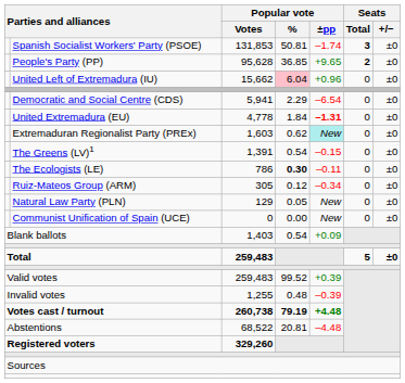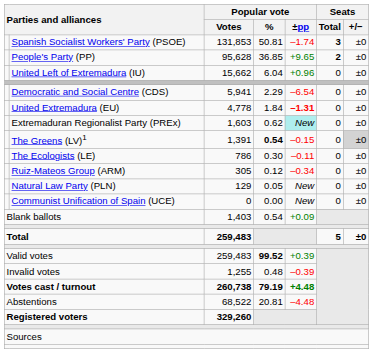 <table class="wikitable" style="text-align:right;">
 <tr>
 <th style="text-align:left;" rowspan="2" colspan="2" width="525">Parties and alliances</th>
 <th colspan="3">Popular vote</th>
 <th colspan="2">Seats</th>
 </tr>
 <tr>
 <th width="75">Votes</th>
 <th width="45">%</th>
 <th width="45">±<a href='#'>pp</a></th>
 <th width="35">Total</th>
 <th width="35">+/−</th>
 </tr>
 <tr>
 <td width="1" style="color:inherit;background:"></td>
 <td align="left"><a href='#'>Spanish Socialist Workers' Party</a> (PSOE)</td>
 <td>131,853</td>
 <td>50.81</td>
 <td style="color:red;">–1.74</td>
 <td><strong>3</strong></td>
 <td>±0</td>
 </tr>
 <tr>
 <td style="color:inherit;background:"></td>
 <td align="left"><a href='#'>People's Party</a> (PP)</td>
 <td>95,628</td>
 <td>36.85</td>
 <td style="color:green;">+9.65</td>
 <td><strong>2</strong></td>
 <td>±0</td>
 </tr>
 <tr>
 <td style="color:inherit;background:"></td>
 <td align="left"><a href='#'>United Left of Extremadura</a> (IU)</td>
 <td>15,662</td>
-<td style="background: pink;">6.04</td>
+<td>6.04</td>
 <td style="color:green;">+0.96</td>
 <td>0</td>
 <td>±0</td>
 </tr>
 <tr>
 <td colspan="7" bgcolor="#C0C0C0"></td>
 </tr>
 <tr>
 <td style="color:inherit;background:"></td>
 <td align="left"><a href='#'>Democratic and Social Centre</a> (CDS)</td>
 <td>5,941</td>
 <td>2.29</td>
 <td style="color:red;">–6.54</td>
 <td>0</td>
 <td>±0</td>
 </tr>
 <tr>
 <td style="color:inherit;background:"></td>
 <td align="left"><a href='#'>United Extremadura</a> (EU)</td>
 <td>4,778</td>
 <td>1.84</td>
 <td style="color:red;"><strong>–1.31</strong></td>
 <td>0</td>
 <td>±0</td>
 </tr>
 <tr>
 <td style="color:inherit;background:"></td>
 <td align="left">Extremaduran Regionalist Party (PREx)</td>
 <td>1,603</td>
 <td>0.62</td>
 <td style="background: paleturquoise;"><em>New</em></td>
 <td>0</td>
 <td>±0</td>
 </tr>
 <tr>
 <td style="color:inherit;background:"></td>
 <td align="left"><a href='#'>The Greens</a> (LV)<sup>1</sup></td>
 <td>1,391</td>
-<td>0.54</td>
+<td><strong>0.54</strong></td>
 <td style="color:red;">–0.15</td>
 <td>0</td>
-<td>±0</td>
+<td style="background: lightgrey;">±0</td>
 </tr>
 <tr>
 <td style="color:inherit;background:"></td>
 <td align="left"><a href='#'>The Ecologists</a> (LE)</td>
 <td>786</td>
-<td><strong>0.30</strong></td>
+<td>0.30</td>
 <td style="color:red;">–0.11</td>
 <td>0</td>
 <td>±0</td>
 </tr>
 <tr>
 <td style="color:inherit;background:"></td>
 <td align="left"><a href='#'>Ruiz-Mateos Group</a> (ARM)</td>
 <td>305</td>
 <td>0.12</td>
 <td style="color:red;">–0.34</td>
 <td>0</td>
 <td>±0</td>
 </tr>
 <tr>
 <td style="color:inherit;background:"></td>
 <td align="left"><a href='#'>Natural Law Party</a> (PLN)</td>
 <td>129</td>
 <td>0.05</td>
 <td><em>New</em></td>
 <td>0</td>
 <td>±0</td>
 </tr>
 <tr>
 <td style="color:inherit;background:"></td>
 <td align="left"><a href='#'>Communist Unification of Spain</a> (UCE)</td>
 <td>0</td>
 <td>0.00</td>
 <td><em>New</em></td>
 <td>0</td>
 <td>±0</td>
 </tr>
 <tr>
 <td align="left" colspan="2">Blank ballots</td>
 <td>1,403</td>
 <td>0.54</td>
 <td style="color:green;">+0.09</td>
 <td bgcolor="#E9E9E9" colspan="2"></td>
 </tr>
 <tr>
 <td colspan="7" bgcolor="#E9E9E9"></td>
 </tr>
 <tr style="font-weight:bold;">
 <td align="left" colspan="2">Total</td>
 <td>259,483</td>
 <td bgcolor="#E9E9E9" colspan="2"></td>
 <td>5</td>
 <td>±0</td>
 </tr>
 <tr>
 <td colspan="7" bgcolor="#E9E9E9"></td>
 </tr>
 <tr>
 <td align="left" colspan="2">Valid votes</td>
 <td>259,483</td>
-<td>99.52</td>
+<td><strong>99.52</strong></td>
 <td style="color:green;">+0.39</td>
 <td bgcolor="#E9E9E9" colspan="2" rowspan="5"></td>
 </tr>
 <tr>
 <td align="left" colspan="2">Invalid votes</td>
 <td>1,255</td>
 <td>0.48</td>
 <td style="color:red;">–0.39</td>
 </tr>
 <tr style="font-weight:bold;">
 <td align="left" colspan="2">Votes cast / turnout</td>
 <td>260,738</td>
 <td>79.19</td>
 <td style="color:green;">+4.48</td>
 </tr>
 <tr>
 <td align="left" colspan="2">Abstentions</td>
 <td>68,522</td>
 <td>20.81</td>
 <td style="color:red;">–4.48</td>
 </tr>
 <tr style="font-weight:bold;">
 <td align="left" colspan="2">Registered voters</td>
 <td>329,260</td>
 <td bgcolor="#E9E9E9" colspan="2"></td>
 </tr>
 <tr>
 <td colspan="7" bgcolor="#E9E9E9"></td>
 </tr>
 <tr>
 <td align="left" colspan="7">Sources</td>
 </tr>
 <tr>
 <td colspan="7" style="text-align:left; max-width:790px;"></td>
 </tr>
 </table>
